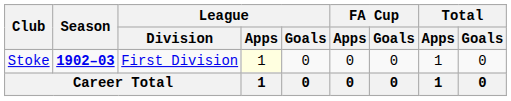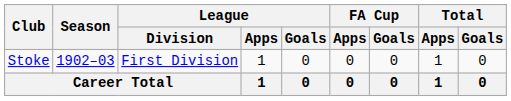 <table class="wikitable" style="text-align: center;">
 <tr>
 <th rowspan="2">Club</th>
 <th rowspan="2">Season</th>
 <th colspan="3">League</th>
 <th colspan="2">FA Cup</th>
 <th colspan="2">Total</th>
 </tr>
 <tr>
 <th>Division</th>
 <th>Apps</th>
 <th>Goals</th>
 <th>Apps</th>
 <th>Goals</th>
 <th>Apps</th>
 <th>Goals</th>
 </tr>
 <tr>
 <td><a href='#'>Stoke</a></td>
-<td><strong><a href='#'>1902–03</a></strong></td>
+<td><a href='#'>1902–03</a></td>
 <td><a href='#'>First Division</a></td>
-<td style="background: lightyellow;">1</td>
+<td>1</td>
 <td>0</td>
 <td>0</td>
 <td>0</td>
 <td>1</td>
 <td>0</td>
 </tr>
 <tr>
 <th colspan="3">Career Total</th>
 <th>1</th>
 <th>0</th>
 <th>0</th>
 <th>0</th>
 <th>1</th>
 <th>0</th>
 </tr>
 </table>
